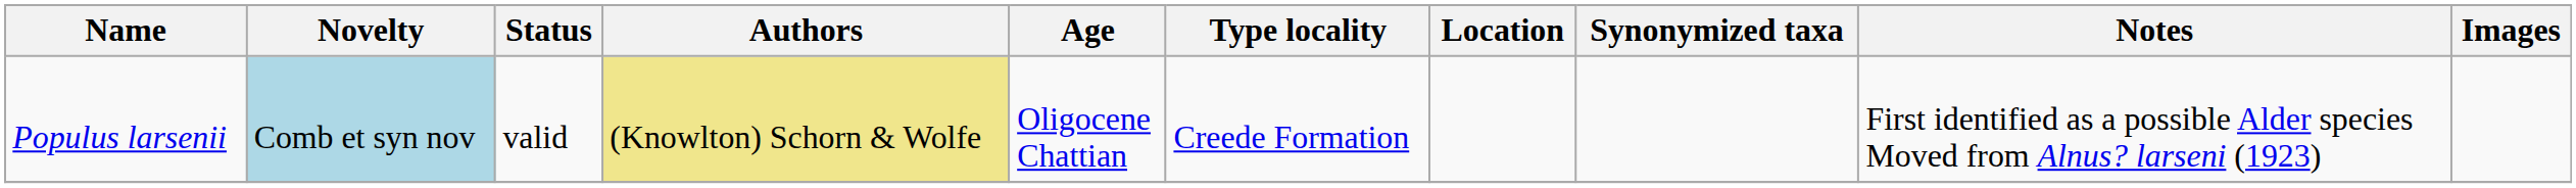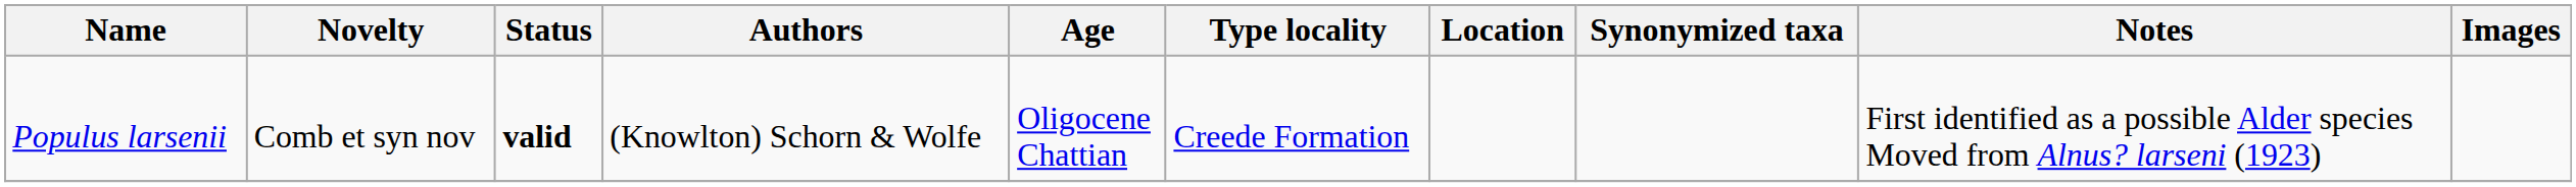 <table class="wikitable sortable" align="center" width="100%">
 <tr>
 <th>Name</th>
 <th>Novelty</th>
 <th>Status</th>
 <th>Authors</th>
 <th>Age</th>
 <th>Type locality</th>
 <th>Location</th>
 <th>Synonymized taxa</th>
 <th>Notes</th>
 <th>Images</th>
 </tr>
 <tr>
 <td><br><em><a href='#'>Populus larsenii</a></em></td>
-<td style="background: lightblue;"><br>Comb et syn nov</td>
-<td><br>valid</td>
-<td style="background: khaki;"><br>(Knowlton) Schorn & Wolfe</td>
+<td><br>Comb et syn nov</td>
+<td><strong><br>valid</strong></td>
+<td><br>(Knowlton) Schorn & Wolfe</td>
 <td><br><a href='#'>Oligocene</a><br><a href='#'>Chattian</a></td>
 <td><br><a href='#'>Creede Formation</a></td>
 <td><br><br></td>
 <td><br></td>
 <td><br>First identified as a possible <a href='#'>Alder</a> species<br> Moved from <em><a href='#'>Alnus? larseni</a></em> (<a href='#'>1923</a>)</td>
 <td></td>
 </tr>
 <tr>
 </tr>
 </table>
